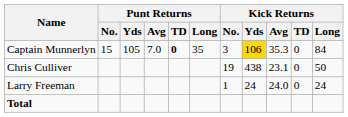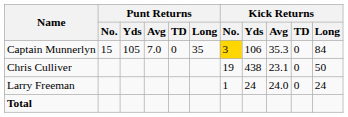 <table class="wikitable" style="white-space:nowrap;">
 <tr>
 <th rowspan="2">Name</th>
 <th colspan="5">Punt Returns</th>
 <th colspan="5">Kick Returns</th>
 </tr>
 <tr>
 <th>No.</th>
 <th>Yds</th>
 <th>Avg</th>
 <th>TD</th>
 <th>Long</th>
 <th>No.</th>
 <th>Yds</th>
 <th>Avg</th>
 <th>TD</th>
 <th>Long</th>
 </tr>
 <tr>
 <td>Captain Munnerlyn</td>
 <td>15</td>
 <td>105</td>
 <td>7.0</td>
-<td><strong>0</strong></td>
+<td>0</td>
 <td>35</td>
-<td>3</td>
-<td style="background: gold;">106</td>
+<td style="background: gold;">3</td>
+<td>106</td>
 <td>35.3</td>
 <td>0</td>
 <td>84</td>
 </tr>
 <tr>
 <td>Chris Culliver</td>
 <td></td>
 <td></td>
 <td></td>
 <td></td>
 <td></td>
 <td>19</td>
 <td>438</td>
 <td>23.1</td>
 <td>0</td>
 <td>50</td>
 </tr>
 <tr>
 <td>Larry Freeman</td>
 <td></td>
 <td></td>
 <td></td>
 <td></td>
 <td></td>
 <td>1</td>
 <td>24</td>
 <td>24.0</td>
 <td>0</td>
 <td>24</td>
 </tr>
 <tr>
 <td><strong>Total</strong></td>
 <td></td>
 <td></td>
 <td></td>
 <td></td>
 <td></td>
 <td></td>
 <td></td>
 <td></td>
 <td></td>
 <td></td>
 </tr>
 </table>
